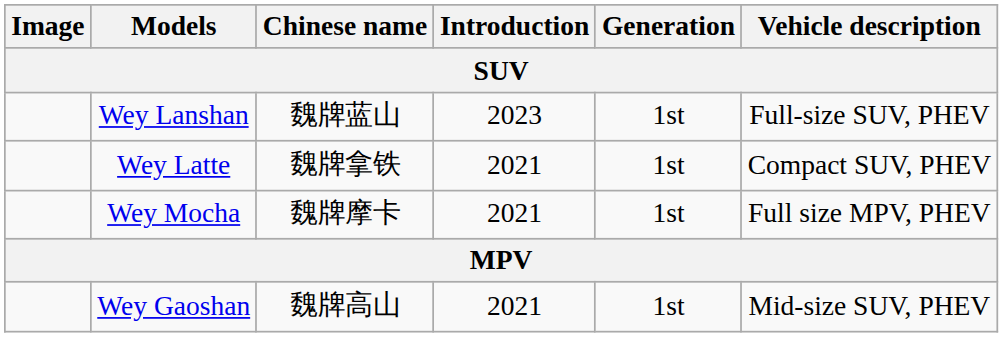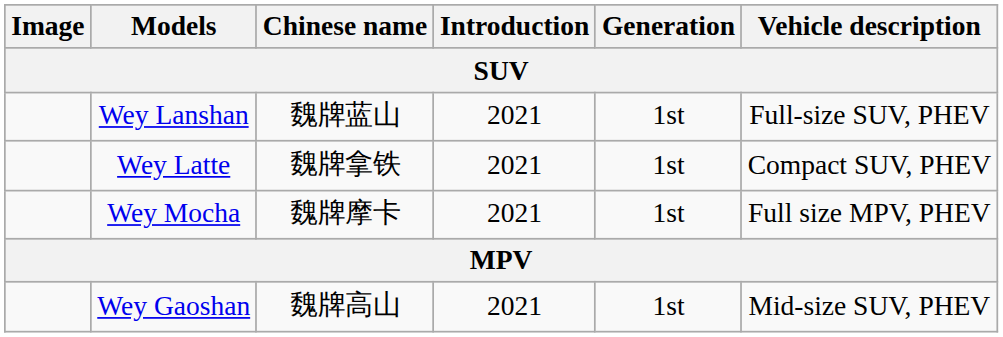 <table class="wikitable sortable" style="text-align: center;">
 <tr>
 <th class="unsortable">Image</th>
 <th>Models</th>
 <th>Chinese name</th>
 <th>Introduction</th>
 <th class="unsortable">Generation</th>
 <th>Vehicle description</th>
 </tr>
 <tr>
 <th colspan="6">SUV</th>
 </tr>
 <tr>
 <td></td>
 <td><a href='#'>Wey Lanshan</a></td>
 <td>魏牌蓝山</td>
-<td>2023</td>
+<td>2021</td>
 <td>1st</td>
 <td>Full-size SUV, PHEV</td>
 </tr>
 <tr>
 <td></td>
 <td><a href='#'>Wey Latte</a></td>
 <td>魏牌拿铁</td>
 <td>2021</td>
 <td>1st</td>
 <td>Compact SUV, PHEV</td>
 </tr>
 <tr>
 <td></td>
 <td><a href='#'>Wey Mocha</a></td>
 <td>魏牌摩卡</td>
 <td>2021</td>
 <td>1st</td>
 <td>Full size MPV, PHEV</td>
 </tr>
 <tr>
 <th colspan="6">MPV</th>
 </tr>
 <tr>
 <td></td>
 <td><a href='#'>Wey Gaoshan</a></td>
 <td>魏牌高山</td>
 <td>2021</td>
 <td>1st</td>
 <td>Mid-size SUV, PHEV</td>
 </tr>
 </table>
